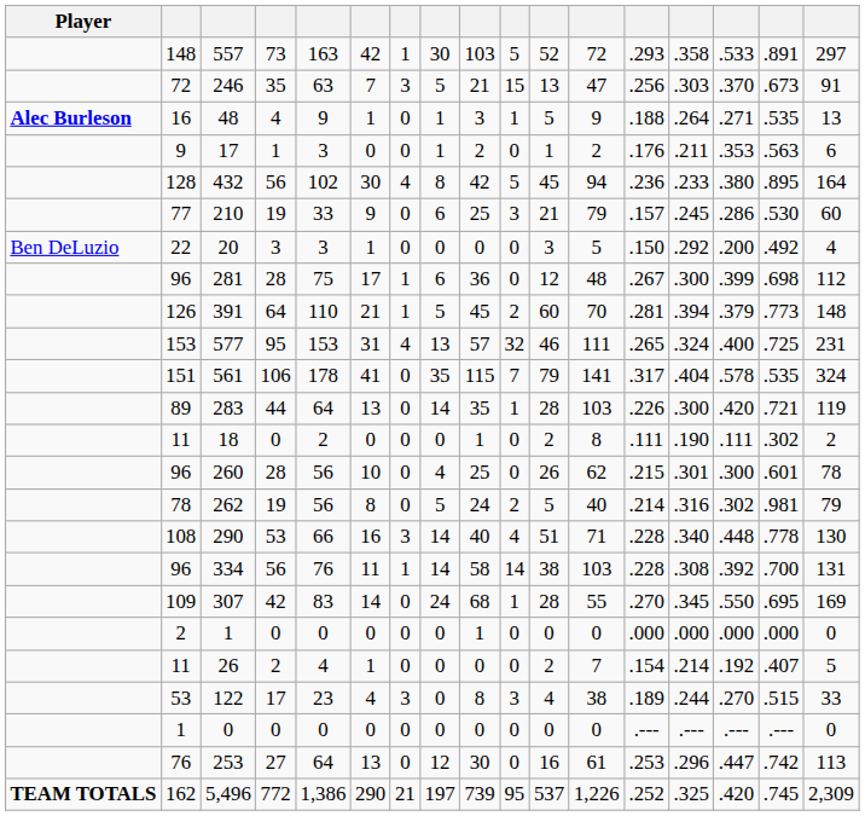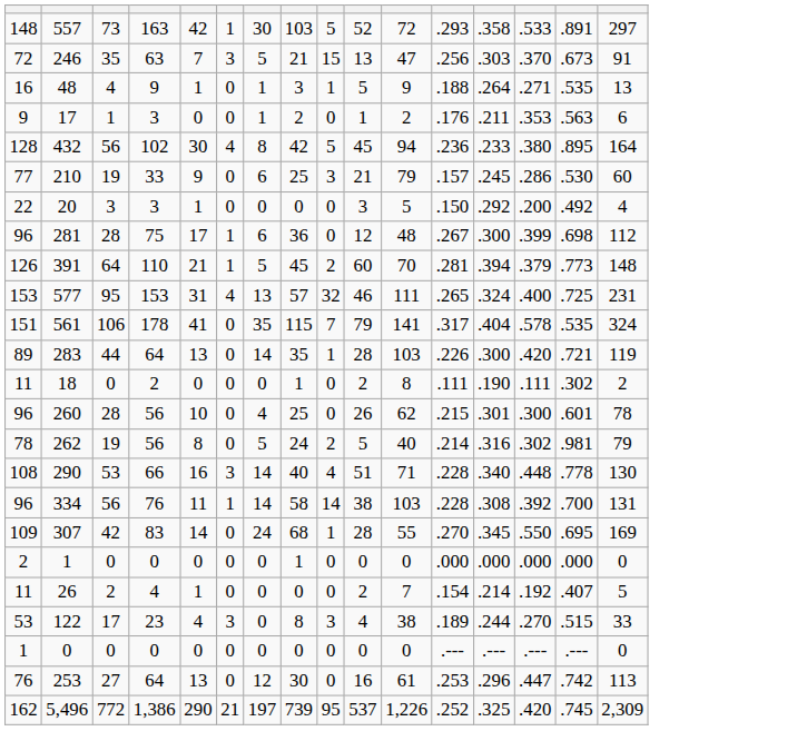 <table class="wikitable sortable" style="text-align:center;">
 <tr>
-<th>Player</th>
 <th></th>
 <th></th>
 <th></th>
 <th></th>
 <th></th>
 <th></th>
 <th></th>
 <th></th>
 <th></th>
 <th></th>
 <th></th>
 <th></th>
 <th></th>
 <th></th>
 <th></th>
 <th></th>
 </tr>
 <tr>
-<td align=left><strong></strong></td>
 <td>148</td>
 <td>557</td>
 <td>73</td>
 <td>163</td>
 <td>42</td>
 <td>1</td>
 <td>30</td>
 <td>103</td>
 <td>5</td>
 <td>52</td>
 <td>72</td>
 <td>.293</td>
 <td>.358</td>
 <td>.533</td>
 <td>.891</td>
 <td>297</td>
 </tr>
 <tr>
-<td align=left></td>
 <td>72</td>
 <td>246</td>
 <td>35</td>
 <td>63</td>
 <td>7</td>
 <td>3</td>
 <td>5</td>
 <td>21</td>
 <td>15</td>
 <td>13</td>
 <td>47</td>
 <td>.256</td>
 <td>.303</td>
 <td>.370</td>
 <td>.673</td>
 <td>91</td>
 </tr>
 <tr>
-<td align=left><strong><a href='#'>Alec Burleson</a></strong></td>
 <td>16</td>
 <td>48</td>
 <td>4</td>
 <td>9</td>
 <td>1</td>
 <td>0</td>
 <td>1</td>
 <td>3</td>
 <td>1</td>
 <td>5</td>
 <td>9</td>
 <td>.188</td>
 <td>.264</td>
 <td>.271</td>
 <td>.535</td>
 <td>13</td>
 </tr>
 <tr>
-<td align=left></td>
 <td>9</td>
 <td>17</td>
 <td>1</td>
 <td>3</td>
 <td>0</td>
 <td>0</td>
 <td>1</td>
 <td>2</td>
 <td>0</td>
 <td>1</td>
 <td>2</td>
 <td>.176</td>
 <td>.211</td>
 <td>.353</td>
 <td>.563</td>
 <td>6</td>
 </tr>
 <tr>
-<td align=left><strong></strong></td>
 <td>128</td>
 <td>432</td>
 <td>56</td>
 <td>102</td>
 <td>30</td>
 <td>4</td>
 <td>8</td>
 <td>42</td>
 <td>5</td>
 <td>45</td>
 <td>94</td>
 <td>.236</td>
 <td>.233</td>
 <td>.380</td>
 <td>.895</td>
 <td>164</td>
 </tr>
 <tr>
-<td align=left><strong></strong></td>
 <td>77</td>
 <td>210</td>
 <td>19</td>
 <td>33</td>
 <td>9</td>
 <td>0</td>
 <td>6</td>
 <td>25</td>
 <td>3</td>
 <td>21</td>
 <td>79</td>
 <td>.157</td>
 <td>.245</td>
 <td>.286</td>
 <td>.530</td>
 <td>60</td>
 </tr>
 <tr>
-<td align=left><a href='#'>Ben DeLuzio</a></td>
 <td>22</td>
 <td>20</td>
 <td>3</td>
 <td>3</td>
 <td>1</td>
 <td>0</td>
 <td>0</td>
 <td>0</td>
 <td>0</td>
 <td>3</td>
 <td>5</td>
 <td>.150</td>
 <td>.292</td>
 <td>.200</td>
 <td>.492</td>
 <td>4</td>
 </tr>
 <tr>
-<td align=left><strong></strong></td>
 <td>96</td>
 <td>281</td>
 <td>28</td>
 <td>75</td>
 <td>17</td>
 <td>1</td>
 <td>6</td>
 <td>36</td>
 <td>0</td>
 <td>12</td>
 <td>48</td>
 <td>.267</td>
 <td>.300</td>
 <td>.399</td>
 <td>.698</td>
 <td>112</td>
 </tr>
 <tr>
-<td align=left><strong></strong></td>
 <td>126</td>
 <td>391</td>
 <td>64</td>
 <td>110</td>
 <td>21</td>
 <td>1</td>
 <td>5</td>
 <td>45</td>
 <td>2</td>
 <td>60</td>
 <td>70</td>
 <td>.281</td>
 <td>.394</td>
 <td>.379</td>
 <td>.773</td>
 <td>148</td>
 </tr>
 <tr>
-<td align=left><strong></strong></td>
 <td>153</td>
 <td>577</td>
 <td>95</td>
 <td>153</td>
 <td>31</td>
 <td>4</td>
 <td>13</td>
 <td>57</td>
 <td>32</td>
 <td>46</td>
 <td>111</td>
 <td>.265</td>
 <td>.324</td>
 <td>.400</td>
 <td>.725</td>
 <td>231</td>
 </tr>
 <tr>
-<td align=left><strong></strong></td>
 <td>151</td>
 <td>561</td>
 <td>106</td>
 <td>178</td>
 <td>41</td>
 <td>0</td>
 <td>35</td>
 <td>115</td>
 <td>7</td>
 <td>79</td>
 <td>141</td>
 <td>.317</td>
 <td>.404</td>
 <td>.578</td>
 <td>.535</td>
 <td>324</td>
 </tr>
 <tr>
-<td align=left><strong></strong></td>
 <td>89</td>
 <td>283</td>
 <td>44</td>
 <td>64</td>
 <td>13</td>
 <td>0</td>
 <td>14</td>
 <td>35</td>
 <td>1</td>
 <td>28</td>
 <td>103</td>
 <td>.226</td>
 <td>.300</td>
 <td>.420</td>
 <td>.721</td>
 <td>119</td>
 </tr>
 <tr>
-<td align=left></td>
 <td>11</td>
 <td>18</td>
 <td>0</td>
 <td>2</td>
 <td>0</td>
 <td>0</td>
 <td>0</td>
 <td>1</td>
 <td>0</td>
 <td>2</td>
 <td>8</td>
 <td>.111</td>
 <td>.190</td>
 <td>.111</td>
 <td>.302</td>
 <td>2</td>
 </tr>
 <tr>
-<td align=left><strong></strong></td>
 <td>96</td>
 <td>260</td>
 <td>28</td>
 <td>56</td>
 <td>10</td>
 <td>0</td>
 <td>4</td>
 <td>25</td>
 <td>0</td>
 <td>26</td>
 <td>62</td>
 <td>.215</td>
 <td>.301</td>
 <td>.300</td>
 <td>.601</td>
 <td>78</td>
 </tr>
 <tr>
-<td align=left><strong></strong></td>
 <td>78</td>
 <td>262</td>
 <td>19</td>
 <td>56</td>
 <td>8</td>
 <td>0</td>
 <td>5</td>
 <td>24</td>
 <td>2</td>
 <td>5</td>
 <td>40</td>
 <td>.214</td>
 <td>.316</td>
 <td>.302</td>
 <td>.981</td>
 <td>79</td>
 </tr>
 <tr>
-<td align=left><strong></strong></td>
 <td>108</td>
 <td>290</td>
 <td>53</td>
 <td>66</td>
 <td>16</td>
 <td>3</td>
 <td>14</td>
 <td>40</td>
 <td>4</td>
 <td>51</td>
 <td>71</td>
 <td>.228</td>
 <td>.340</td>
 <td>.448</td>
 <td>.778</td>
 <td>130</td>
 </tr>
 <tr>
-<td align=left><strong></strong></td>
 <td>96</td>
 <td>334</td>
 <td>56</td>
 <td>76</td>
 <td>11</td>
 <td>1</td>
 <td>14</td>
 <td>58</td>
 <td>14</td>
 <td>38</td>
 <td>103</td>
 <td>.228</td>
 <td>.308</td>
 <td>.392</td>
 <td>.700</td>
 <td>131</td>
 </tr>
 <tr>
-<td align=left><strong></strong></td>
 <td>109</td>
 <td>307</td>
 <td>42</td>
 <td>83</td>
 <td>14</td>
 <td>0</td>
 <td>24</td>
 <td>68</td>
 <td>1</td>
 <td>28</td>
 <td>55</td>
 <td>.270</td>
 <td>.345</td>
 <td>.550</td>
 <td>.695</td>
 <td>169</td>
 </tr>
 <tr>
-<td align=left></td>
 <td>2</td>
 <td>1</td>
 <td>0</td>
 <td>0</td>
 <td>0</td>
 <td>0</td>
 <td>0</td>
 <td>1</td>
 <td>0</td>
 <td>0</td>
 <td>0</td>
 <td>.000</td>
 <td>.000</td>
 <td>.000</td>
 <td>.000</td>
 <td>0</td>
 </tr>
 <tr>
-<td align=left></td>
 <td>11</td>
 <td>26</td>
 <td>2</td>
 <td>4</td>
 <td>1</td>
 <td>0</td>
 <td>0</td>
 <td>0</td>
 <td>0</td>
 <td>2</td>
 <td>7</td>
 <td>.154</td>
 <td>.214</td>
 <td>.192</td>
 <td>.407</td>
 <td>5</td>
 </tr>
 <tr>
-<td align=left></td>
 <td>53</td>
 <td>122</td>
 <td>17</td>
 <td>23</td>
 <td>4</td>
 <td>3</td>
 <td>0</td>
 <td>8</td>
 <td>3</td>
 <td>4</td>
 <td>38</td>
 <td>.189</td>
 <td>.244</td>
 <td>.270</td>
 <td>.515</td>
 <td>33</td>
 </tr>
 <tr>
-<td align=left></td>
 <td>1</td>
 <td>0</td>
 <td>0</td>
 <td>0</td>
 <td>0</td>
 <td>0</td>
 <td>0</td>
 <td>0</td>
 <td>0</td>
 <td>0</td>
 <td>0</td>
 <td>.---</td>
 <td>.---</td>
 <td>.---</td>
 <td>.---</td>
 <td>0</td>
 </tr>
 <tr>
-<td align=left></td>
 <td>76</td>
 <td>253</td>
 <td>27</td>
 <td>64</td>
 <td>13</td>
 <td>0</td>
 <td>12</td>
 <td>30</td>
 <td>0</td>
 <td>16</td>
 <td>61</td>
 <td>.253</td>
 <td>.296</td>
 <td>.447</td>
 <td>.742</td>
 <td>113</td>
 </tr>
 <tr class="sortbottom">
-<td align="left"><strong>TEAM TOTALS</strong></td>
 <td>162</td>
 <td>5,496</td>
 <td>772</td>
 <td>1,386</td>
 <td>290</td>
 <td>21</td>
 <td>197</td>
 <td>739</td>
 <td>95</td>
 <td>537</td>
 <td>1,226</td>
 <td>.252</td>
 <td>.325</td>
 <td>.420</td>
 <td>.745</td>
 <td>2,309</td>
 </tr>
 </table>
